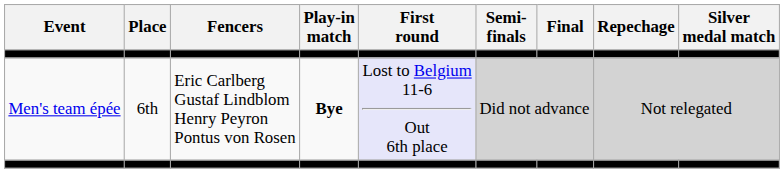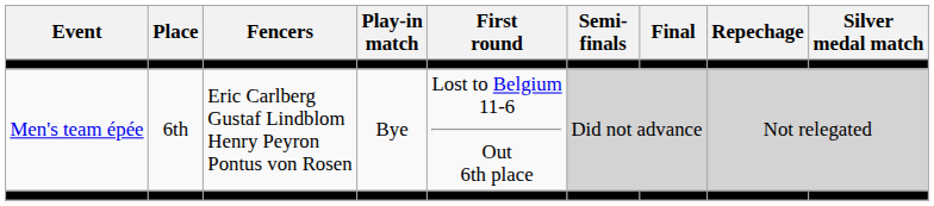 <table class=wikitable>
 <tr>
 <th>Event</th>
 <th>Place</th>
 <th>Fencers</th>
 <th>Play-in <br> match</th>
 <th>First <br> round</th>
 <th>Semi-<br>finals</th>
 <th>Final</th>
 <th>Repechage</th>
 <th>Silver <br> medal match</th>
 </tr>
 <tr bgcolor=black>
 <td></td>
 <td></td>
 <td></td>
 <td></td>
 <td></td>
 <td></td>
 <td></td>
 <td></td>
 <td></td>
 </tr>
 <tr align=center>
 <td align=left><a href='#'>Men's team épée</a></td>
 <td>6th</td>
 <td align=left>Eric Carlberg <br> Gustaf Lindblom <br> Henry Peyron <br> Pontus von Rosen</td>
-<td><strong>Bye</strong></td>
-<td style="background: lavender;">Lost to <a href='#'>Belgium</a> <br> 11-6 <hr> Out <br> 6th place</td>
+<td>Bye</td>
+<td>Lost to <a href='#'>Belgium</a> <br> 11-6 <hr> Out <br> 6th place</td>
 <td colspan=2 bgcolor=lightgray>Did not advance</td>
 <td colspan=2 bgcolor=lightgray>Not relegated</td>
 </tr>
 <tr bgcolor=black>
 <td></td>
 <td></td>
 <td></td>
 <td></td>
 <td></td>
 <td></td>
 <td></td>
 <td></td>
 <td></td>
 </tr>
 </table>
